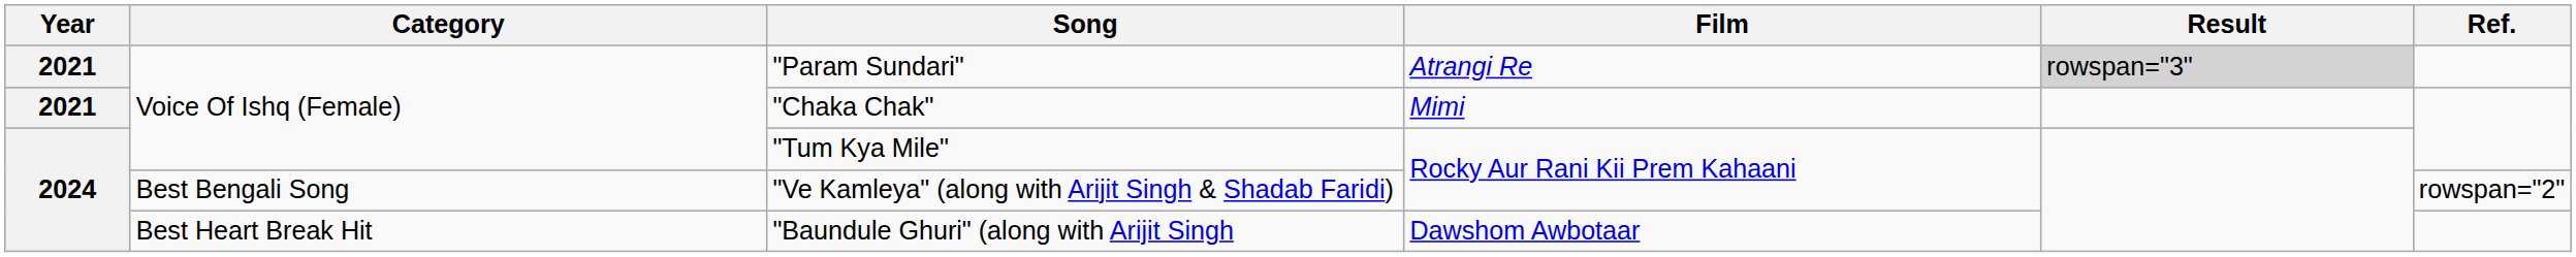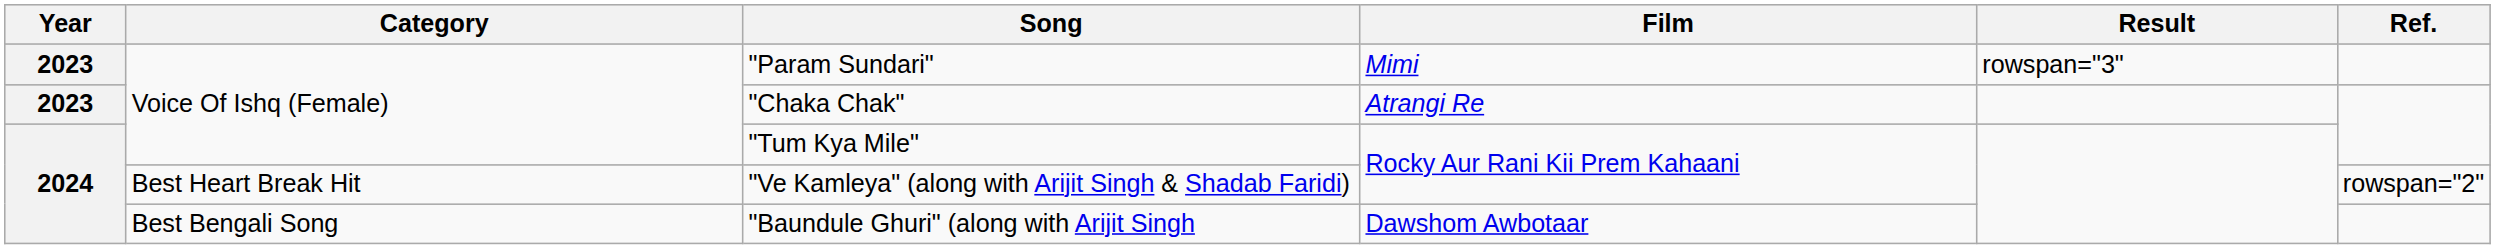 <table class="wikitable plainrowheaders" width="100%" textcolor:#000;">
 <tr>
 <th scope="col" width=5%><strong>Year</strong></th>
 <th scope="col" width=26%><strong>Category</strong></th>
 <th scope="col" width=26%><strong>Song</strong></th>
 <th scope="col" width=26%><strong>Film</strong></th>
 <th scope="col" width=15%><strong>Result</strong></th>
 <th scope="col" width=2%><strong>Ref.</strong></th>
 </tr>
 <tr>
-<th>2021</th>
+<th>2023</th>
 <td rowspan="3">Voice Of Ishq (Female)</td>
 <td>"Param Sundari"</td>
-<td><em><a href='#'>Atrangi Re</a></em></td>
-<td style="background: lightgrey;">rowspan="3" </td>
+<td><a href='#'><em>Mimi</em></a></td>
+<td>rowspan="3" </td>
 <td></td>
 </tr>
 <tr>
-<th>2021</th>
+<th>2023</th>
 <td>"Chaka Chak"</td>
-<td><a href='#'><em>Mimi</em></a></td>
+<td><em><a href='#'>Atrangi Re</a></em></td>
 <td></td>
 </tr>
 <tr>
 <th scope="row" rowspan="3"><strong>2024</strong></th>
 <td>"Tum Kya Mile"</td>
 <td rowspan="2"><a href='#'>Rocky Aur Rani Kii Prem Kahaani</a></td>
 <td rowspan="3"></td>
 </tr>
 <tr>
-<td>Best Bengali Song</td>
+<td>Best Heart Break Hit</td>
 <td>"Ve Kamleya" (along with <a href='#'>Arijit Singh</a> & <a href='#'>Shadab Faridi</a>)</td>
 <td>rowspan="2" </td>
 </tr>
 <tr>
-<td>Best Heart Break Hit</td>
+<td>Best Bengali Song</td>
 <td>"Baundule Ghuri" (along with <a href='#'>Arijit Singh</a></td>
 <td><a href='#'>Dawshom Awbotaar</a></td>
 </tr>
 </table>
